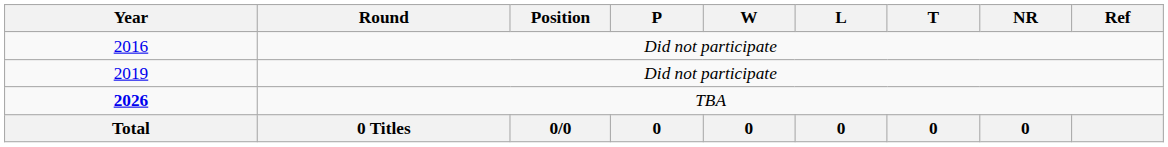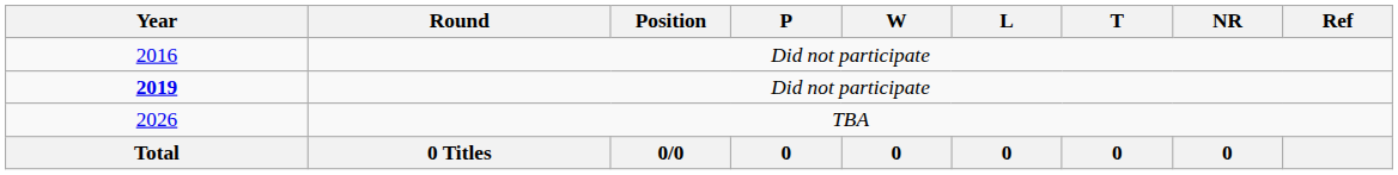 <table class="wikitable" style="text-align: center; width:85%">
 <tr>
 <th width=150>Year</th>
 <th width=150>Round</th>
 <th width=50>Position</th>
 <th width=50>P</th>
 <th width=50>W</th>
 <th width=50>L</th>
 <th width=50>T</th>
 <th width=50>NR</th>
 <th width=50>Ref</th>
 </tr>
 <tr>
 <td> <a href='#'>2016</a></td>
 <td colspan=8><em>Did not participate</em></td>
 </tr>
 <tr>
-<td> <a href='#'>2019</a></td>
+<td><strong> <a href='#'>2019</a></strong></td>
 <td colspan=8><em>Did not participate</em></td>
 </tr>
 <tr>
-<td><strong> <a href='#'>2026</a></strong></td>
+<td> <a href='#'>2026</a></td>
 <td colspan=8><em>TBA</em></td>
 </tr>
 <tr>
 <th>Total</th>
 <th>0 Titles</th>
 <th>0/0</th>
 <th>0</th>
 <th>0</th>
 <th>0</th>
 <th>0</th>
 <th>0</th>
 <th></th>
 </tr>
 </table>
